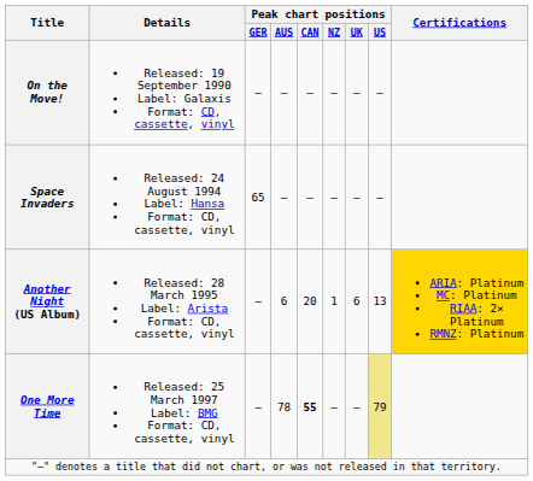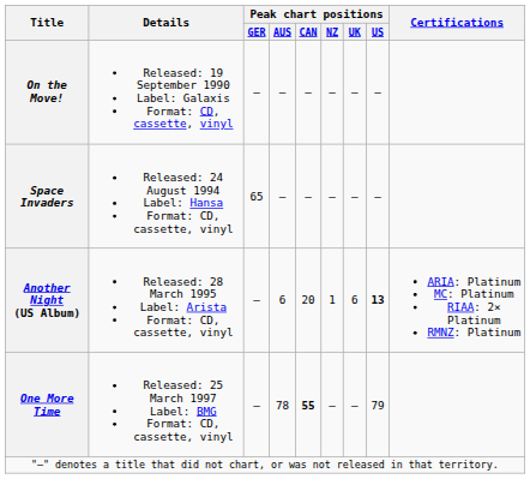 <table class="wikitable plainrowheaders" style="text-align:center;">
 <tr>
 <th scope="col" rowspan="2" style="width:10em;">Title</th>
 <th scope="col" rowspan="2" style="width:20em;">Details</th>
 <th scope="col" colspan="6">Peak chart positions</th>
 <th scope="col" rowspan="2" style="width:16em;"><a href='#'>Certifications</a></th>
 </tr>
 <tr>
 <th scope="col" style="width:2.5em;font-size:90%;"><a href='#'>GER</a><br></th>
 <th scope="col" style="width:2.5em;font-size:90%;"><a href='#'>AUS</a><br></th>
 <th scope="col" style="width:2.5em;font-size:90%;"><a href='#'>CAN</a><br></th>
 <th scope="col" style="width:2.5em;font-size:90%;"><a href='#'>NZ</a><br></th>
 <th scope="col" style="width:2.5em;font-size:90%;"><a href='#'>UK</a><br></th>
 <th scope="col" style="width:2.5em;font-size:90%;"><a href='#'>US</a><br></th>
 </tr>
 <tr>
 <th scope="row"><em>On the Move!</em></th>
 <td><br><ul><li>Released: 19 September 1990</li><li>Label: Galaxis</li><li>Format: <a href='#'>CD</a>, <a href='#'>cassette</a>, <a href='#'>vinyl</a></li></ul></td>
 <td>—</td>
 <td>—</td>
 <td>—</td>
 <td>—</td>
 <td>—</td>
 <td>—</td>
 <td></td>
 </tr>
 <tr>
 <th scope="row"><em>Space Invaders</em></th>
 <td><br><ul><li>Released: 24 August 1994</li><li>Label: <a href='#'>Hansa</a></li><li>Format: CD, cassette, vinyl</li></ul></td>
 <td>65</td>
 <td>—</td>
 <td>—</td>
 <td>—</td>
 <td>—</td>
 <td>—</td>
 <td></td>
 </tr>
 <tr>
 <th scope="row"><em><a href='#'>Another Night</a></em><br> (US Album)</th>
 <td><br><ul><li>Released: 28 March 1995</li><li>Label: <a href='#'>Arista</a></li><li>Format: CD, cassette, vinyl</li></ul></td>
 <td>—</td>
 <td>6</td>
 <td>20</td>
 <td>1</td>
 <td>6</td>
-<td>13</td>
-<td style="background: gold;"><br><ul><li><a href='#'>ARIA</a>: Platinum</li><li><a href='#'>MC</a>: Platinum</li><li><a href='#'>RIAA</a>: 2× Platinum</li><li><a href='#'>RMNZ</a>: Platinum</li></ul></td>
+<td><strong>13</strong></td>
+<td><br><ul><li><a href='#'>ARIA</a>: Platinum</li><li><a href='#'>MC</a>: Platinum</li><li><a href='#'>RIAA</a>: 2× Platinum</li><li><a href='#'>RMNZ</a>: Platinum</li></ul></td>
 </tr>
 <tr>
 <th scope="row"><em><a href='#'>One More Time</a></em></th>
 <td><br><ul><li>Released: 25 March 1997</li><li>Label: <a href='#'>BMG</a></li><li>Format: CD, cassette, vinyl</li></ul></td>
 <td>—</td>
 <td>78</td>
 <td><strong>55</strong></td>
 <td>—</td>
 <td>—</td>
-<td style="background: khaki;">79</td>
+<td>79</td>
 <td></td>
 </tr>
 <tr>
 <td colspan="15" style="font-size:90%">"—" denotes a title that did not chart, or was not released in that territory.</td>
 </tr>
 </table>
